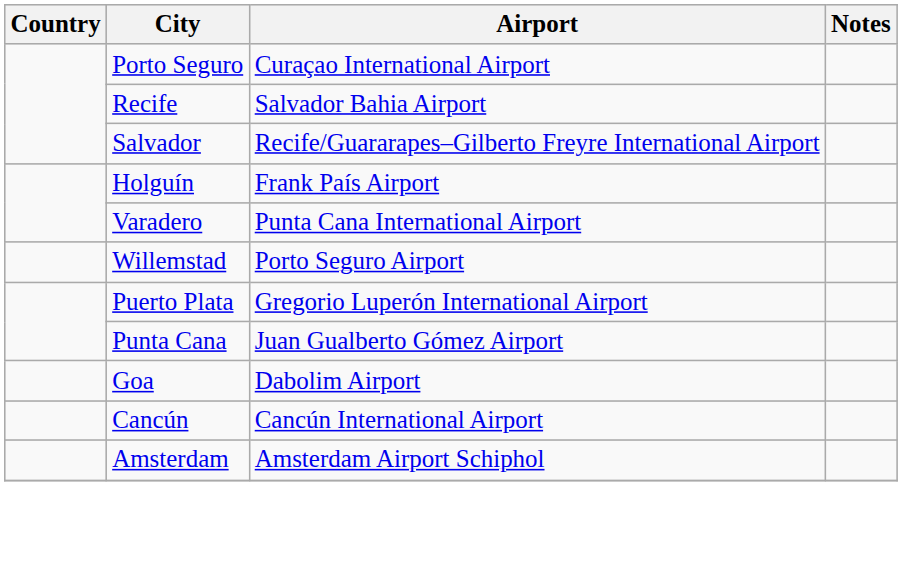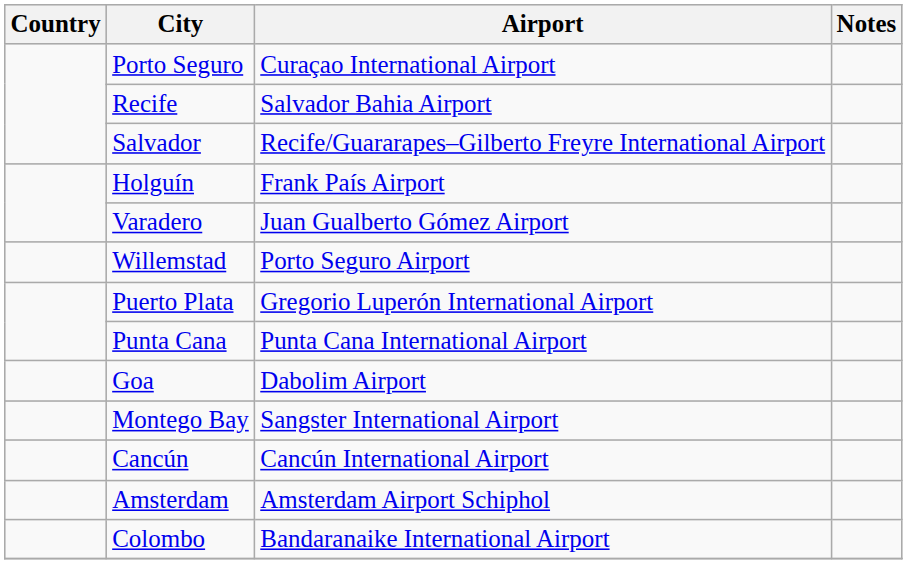 <table class="sortable wikitable">
 <tr>
 <th>Country</th>
 <th>City</th>
 <th>Airport</th>
 <th>Notes</th>
 </tr>
 <tr>
 <td rowspan=3></td>
 <td><a href='#'>Porto Seguro</a></td>
 <td><a href='#'>Curaçao International Airport</a></td>
 <td></td>
 </tr>
 <tr>
 <td><a href='#'>Recife</a></td>
 <td><a href='#'>Salvador Bahia Airport</a></td>
 <td></td>
 </tr>
 <tr>
 <td><a href='#'>Salvador</a></td>
 <td><a href='#'>Recife/Guararapes–Gilberto Freyre International Airport</a></td>
 <td></td>
 </tr>
 <tr>
 <td rowspan=2></td>
 <td><a href='#'>Holguín</a></td>
 <td><a href='#'>Frank País Airport</a></td>
 <td></td>
 </tr>
 <tr>
 <td><a href='#'>Varadero</a></td>
-<td><a href='#'>Punta Cana International Airport</a></td>
+<td><a href='#'>Juan Gualberto Gómez Airport</a></td>
 <td></td>
 </tr>
 <tr>
 <td></td>
 <td><a href='#'>Willemstad</a></td>
 <td><a href='#'>Porto Seguro Airport</a></td>
 <td align=center></td>
 </tr>
 <tr>
 <td rowspan=2></td>
 <td><a href='#'>Puerto Plata</a></td>
 <td><a href='#'>Gregorio Luperón International Airport</a></td>
 <td></td>
 </tr>
 <tr>
 <td><a href='#'>Punta Cana</a></td>
-<td><a href='#'>Juan Gualberto Gómez Airport</a></td>
+<td><a href='#'>Punta Cana International Airport</a></td>
 <td></td>
 </tr>
 <tr>
 <td></td>
 <td><a href='#'>Goa</a></td>
 <td><a href='#'>Dabolim Airport</a></td>
+<td></td>
+</tr>
+<tr>
+<td></td>
+<td><a href='#'>Montego Bay</a></td>
+<td><a href='#'>Sangster International Airport</a></td>
 <td></td>
 </tr>
 <tr>
 <td></td>
 <td><a href='#'>Cancún</a></td>
 <td><a href='#'>Cancún International Airport</a></td>
 <td></td>
 </tr>
 <tr>
 <td></td>
 <td><a href='#'>Amsterdam</a></td>
 <td><a href='#'>Amsterdam Airport Schiphol</a></td>
 <td></td>
 </tr>
 <tr>
+<td></td>
+<td><a href='#'>Colombo</a></td>
+<td><a href='#'>Bandaranaike International Airport</a></td>
+<td></td>
+</tr>
+<tr>
 </tr>
 </table>
